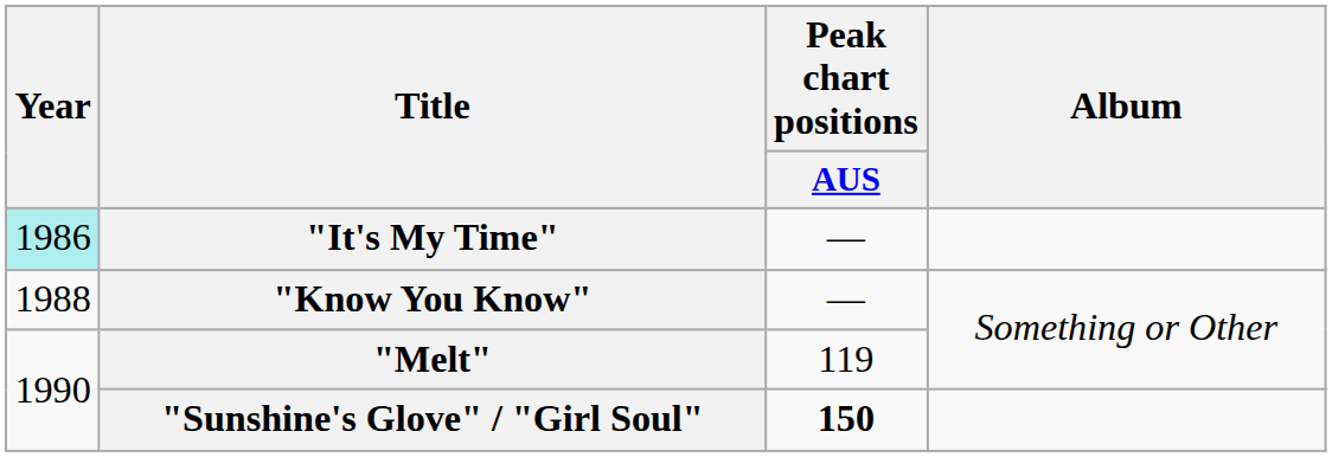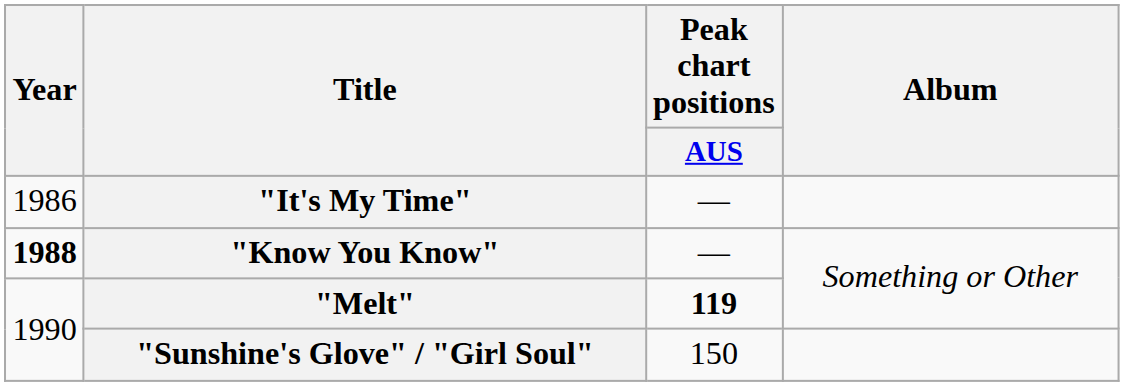 <table class="wikitable plainrowheaders" style="text-align:center;" border="1">
 <tr>
 <th scope="col" rowspan="2">Year</th>
 <th scope="col" rowspan="2" style="width:17em;">Title</th>
 <th scope="col" colspan="1">Peak chart positions</th>
 <th scope="col" rowspan="2" style="width:10em;">Album</th>
 </tr>
 <tr>
 <th scope="col" style="width:2.5em;font-size:90%;"><a href='#'>AUS</a><br></th>
 </tr>
 <tr>
-<td style="background: paleturquoise;">1986</td>
+<td>1986</td>
 <th scope="row">"It's My Time"</th>
 <td>—</td>
 <td></td>
 </tr>
 <tr>
-<td>1988</td>
+<td><strong>1988</strong></td>
 <th scope="row">"Know You Know"</th>
 <td>—</td>
 <td rowspan="2"><em>Something or Other</em></td>
 </tr>
 <tr>
 <td rowspan="2">1990</td>
 <th scope="row">"Melt"</th>
-<td>119</td>
+<td><strong>119</strong></td>
 </tr>
 <tr>
 <th scope="row">"Sunshine's Glove" / "Girl Soul"</th>
-<td><strong>150</strong></td>
+<td>150</td>
 <td></td>
 </tr>
 </table>
